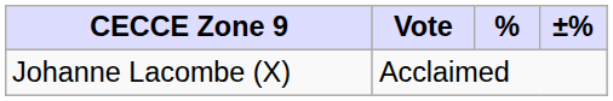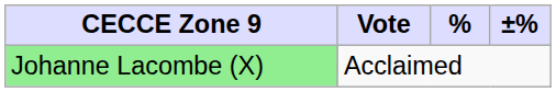 <table class="wikitable">
 <tr>
 <th style="background:#DDDDFF" width="200px">CECCE Zone 9</th>
 <th style="background:#DDDDFF" width="50px">Vote</th>
 <th style="background:#DDDDFF" width="30px">%</th>
 <th style="background:#DDDDFF" width="30px">±%</th>
 </tr>
 <tr>
-<td>Johanne Lacombe (X)</td>
+<td style="background: lightgreen;">Johanne Lacombe (X)</td>
 <td colspan="3">Acclaimed</td>
 </tr>
 </table>
